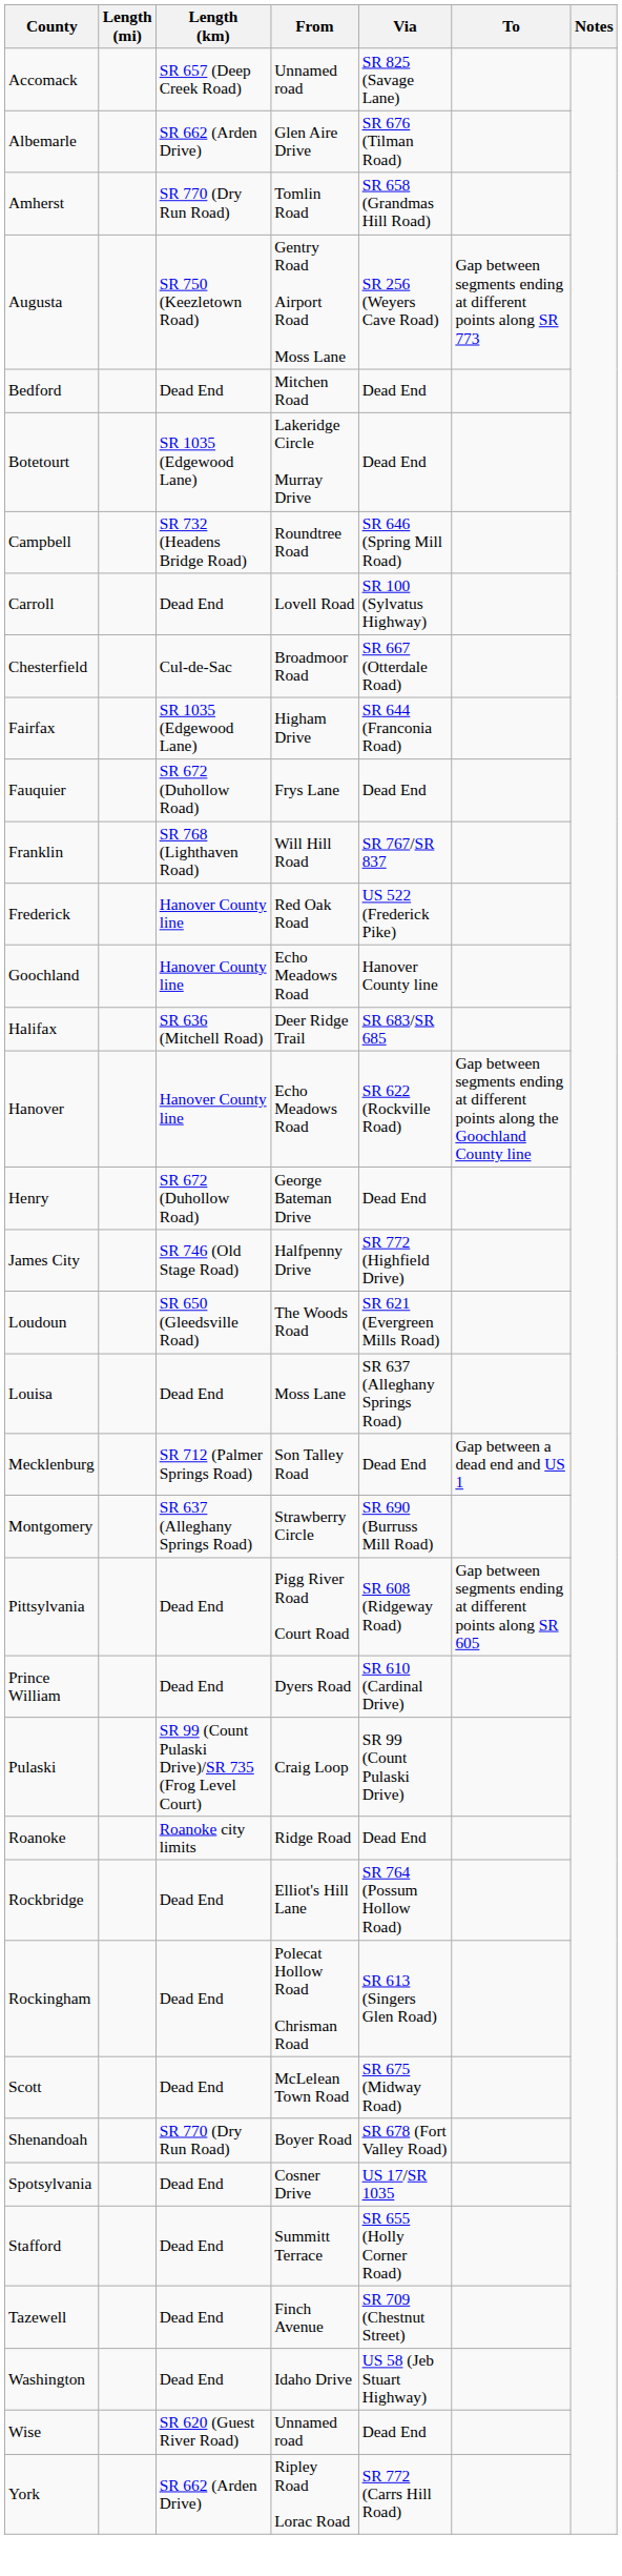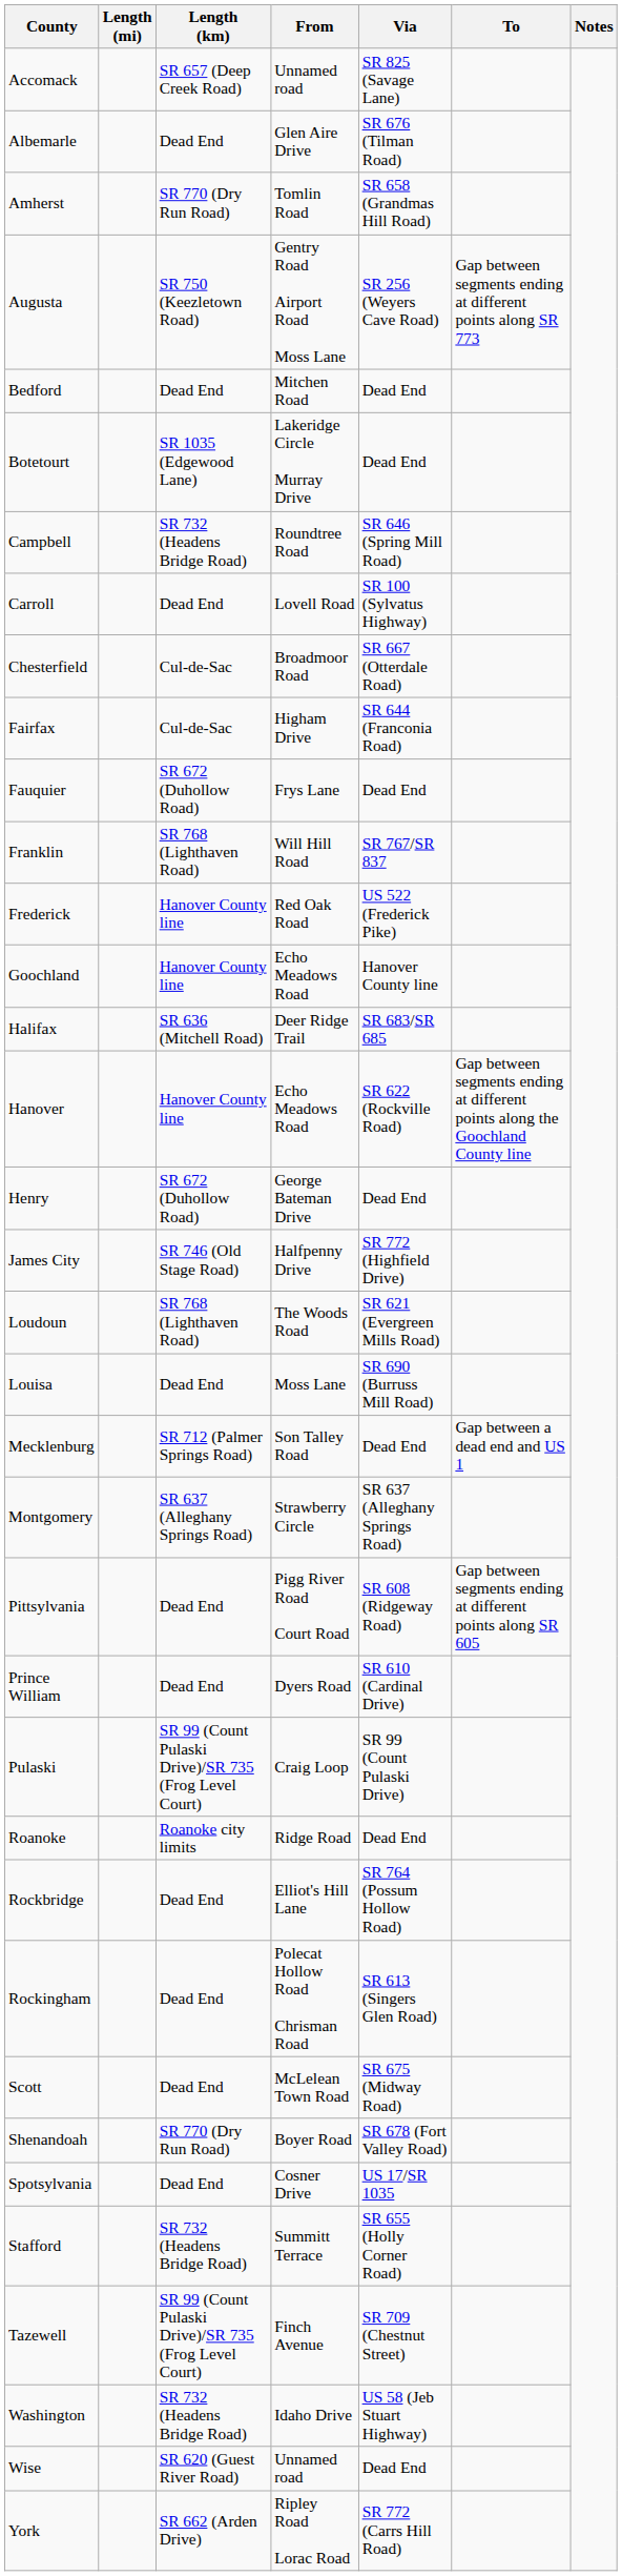 <table class="wikitable sortable">
 <tr>
 <th>County</th>
 <th>Length<br>(mi)</th>
 <th>Length<br>(km)</th>
 <th class="unsortable">From</th>
 <th class="unsortable">Via</th>
 <th class="unsortable">To</th>
 <th class="unsortable">Notes</th>
 </tr>
 <tr>
 <td id="Accomack">Accomack</td>
 <td></td>
 <td><a href='#'>SR 657</a> (Deep Creek Road)</td>
 <td>Unnamed road</td>
 <td><a href='#'>SR 825</a> (Savage Lane)</td>
 <td></td>
 </tr>
 <tr>
 <td id="Albemarle">Albemarle</td>
 <td></td>
-<td><a href='#'>SR 662</a> (Arden Drive)</td>
+<td>Dead End</td>
 <td>Glen Aire Drive</td>
 <td><a href='#'>SR 676</a> (Tilman Road)</td>
 <td><br> </td>
 </tr>
 <tr>
 <td id="Amherst">Amherst</td>
 <td></td>
 <td><a href='#'>SR 770</a> (Dry Run Road)</td>
 <td>Tomlin Road</td>
 <td><a href='#'>SR 658</a> (Grandmas Hill Road)</td>
 <td><br> </td>
 </tr>
 <tr>
 <td id="Augusta">Augusta</td>
 <td></td>
 <td><a href='#'>SR 750</a> (Keezletown Road)</td>
 <td>Gentry Road<br><br>Airport Road<br><br>Moss Lane</td>
 <td><a href='#'>SR 256</a> (Weyers Cave Road)</td>
 <td>Gap between segments ending at different points along <a href='#'>SR 773</a><br></td>
 </tr>
 <tr>
 <td id="Bedford">Bedford</td>
 <td></td>
 <td>Dead End</td>
 <td>Mitchen Road</td>
 <td>Dead End</td>
 <td><br></td>
 </tr>
 <tr>
 <td id="Botetourt">Botetourt</td>
 <td></td>
 <td><a href='#'>SR 1035</a> (Edgewood Lane)</td>
 <td>Lakeridge Circle<br><br>Murray Drive</td>
 <td>Dead End</td>
 <td><br>  </td>
 </tr>
 <tr>
 <td id="Campbell">Campbell</td>
 <td></td>
 <td><a href='#'>SR 732</a> (Headens Bridge Road)</td>
 <td>Roundtree Road</td>
 <td><a href='#'>SR 646</a> (Spring Mill Road)</td>
 <td><br></td>
 </tr>
 <tr>
 <td id="Carroll">Carroll</td>
 <td></td>
 <td>Dead End</td>
 <td>Lovell Road</td>
 <td><a href='#'>SR 100</a> (Sylvatus Highway)</td>
 <td><br> </td>
 </tr>
 <tr>
 <td id="Chesterfield">Chesterfield</td>
 <td></td>
 <td>Cul-de-Sac</td>
 <td>Broadmoor Road</td>
 <td><a href='#'>SR 667</a> (Otterdale Road)</td>
 <td><br>      </td>
 </tr>
 <tr>
 <td id="Fairfax">Fairfax</td>
 <td></td>
-<td><a href='#'>SR 1035</a> (Edgewood Lane)</td>
+<td>Cul-de-Sac</td>
 <td>Higham Drive</td>
 <td><a href='#'>SR 644</a> (Franconia Road)</td>
 <td></td>
 </tr>
 <tr>
 <td id="Fauquier">Fauquier</td>
 <td></td>
 <td><a href='#'>SR 672</a> (Duhollow Road)</td>
 <td>Frys Lane</td>
 <td>Dead End</td>
 <td><br> </td>
 </tr>
 <tr>
 <td id="Franklin">Franklin</td>
 <td></td>
 <td><a href='#'>SR 768</a> (Lighthaven Road)</td>
 <td>Will Hill Road</td>
 <td><a href='#'>SR 767</a>/<a href='#'>SR 837</a></td>
 <td></td>
 </tr>
 <tr>
 <td id="Frederick">Frederick</td>
 <td></td>
 <td><a href='#'>Hanover County line</a></td>
 <td>Red Oak Road</td>
 <td><a href='#'>US 522</a> (Frederick Pike)</td>
 <td><br> </td>
 </tr>
 <tr>
 <td id="Goochland">Goochland</td>
 <td></td>
 <td><a href='#'>Hanover County line</a></td>
 <td>Echo Meadows Road</td>
 <td>Hanover County line</td>
 <td><br>  </td>
 </tr>
 <tr>
 <td id="Halifax">Halifax</td>
 <td></td>
 <td><a href='#'>SR 636</a> (Mitchell Road)</td>
 <td>Deer Ridge Trail</td>
 <td><a href='#'>SR 683</a>/<a href='#'>SR 685</a></td>
 <td></td>
 </tr>
 <tr>
 <td id="Hanover">Hanover</td>
 <td></td>
 <td><a href='#'>Hanover County line</a></td>
 <td>Echo Meadows Road</td>
 <td><a href='#'>SR 622</a> (Rockville Road)</td>
 <td>Gap between segments ending at different points along the <a href='#'>Goochland County line</a><br></td>
 </tr>
 <tr>
 <td id="Henry">Henry</td>
 <td></td>
 <td><a href='#'>SR 672</a> (Duhollow Road)</td>
 <td>George Bateman Drive</td>
 <td>Dead End</td>
 <td><br> </td>
 </tr>
 <tr>
 <td id="James City">James City</td>
 <td></td>
 <td><a href='#'>SR 746</a> (Old Stage Road)</td>
 <td>Halfpenny Drive</td>
 <td><a href='#'>SR 772</a> (Highfield Drive)</td>
 <td><br>    </td>
 </tr>
 <tr>
 <td id="Loudoun">Loudoun</td>
 <td></td>
-<td><a href='#'>SR 650</a> (Gleedsville Road)</td>
+<td><a href='#'>SR 768</a> (Lighthaven Road)</td>
 <td>The Woods Road</td>
 <td><a href='#'>SR 621</a> (Evergreen Mills Road)</td>
 <td></td>
 </tr>
 <tr>
 <td id="Louisa">Louisa</td>
 <td></td>
 <td>Dead End</td>
 <td>Moss Lane</td>
-<td>SR 637 (Alleghany Springs Road)</td>
+<td><a href='#'>SR 690</a> (Burruss Mill Road)</td>
 <td><br>  </td>
 </tr>
 <tr>
 <td id="Mecklenburg">Mecklenburg</td>
 <td></td>
 <td><a href='#'>SR 712</a> (Palmer Springs Road)</td>
 <td>Son Talley Road</td>
 <td>Dead End</td>
 <td>Gap between a dead end and <a href='#'>US 1</a><br></td>
 </tr>
 <tr>
 <td id="Montgomery">Montgomery</td>
 <td></td>
 <td><a href='#'>SR 637</a> (Alleghany Springs Road)</td>
 <td>Strawberry Circle</td>
-<td><a href='#'>SR 690</a> (Burruss Mill Road)</td>
+<td>SR 637 (Alleghany Springs Road)</td>
 <td><br>       </td>
 </tr>
 <tr>
 <td id="Pittsylvania">Pittsylvania</td>
 <td></td>
 <td>Dead End</td>
 <td>Pigg River Road<br><br>Court Road</td>
 <td><a href='#'>SR 608</a> (Ridgeway Road)</td>
 <td>Gap between segments ending at different points along <a href='#'>SR 605</a><br>  </td>
 </tr>
 <tr>
 <td id="Prince William">Prince William</td>
 <td></td>
 <td>Dead End</td>
 <td>Dyers Road</td>
 <td><a href='#'>SR 610</a> (Cardinal Drive)</td>
 <td></td>
 </tr>
 <tr>
 <td id="Pulaski">Pulaski</td>
 <td></td>
 <td><a href='#'>SR 99</a> (Count Pulaski Drive)/<a href='#'>SR 735</a> (Frog Level Court)</td>
 <td>Craig Loop</td>
 <td>SR 99 (Count Pulaski Drive)</td>
 <td><br> </td>
 </tr>
 <tr>
 <td id="Roanoke">Roanoke</td>
 <td></td>
 <td><a href='#'>Roanoke</a> city limits</td>
 <td>Ridge Road</td>
 <td>Dead End</td>
 <td></td>
 </tr>
 <tr>
 <td id="Rockbridge">Rockbridge</td>
 <td></td>
 <td>Dead End</td>
 <td>Elliot's Hill Lane</td>
 <td><a href='#'>SR 764</a> (Possum Hollow Road)</td>
 <td></td>
 </tr>
 <tr>
 <td id="Rockingham">Rockingham</td>
 <td></td>
 <td>Dead End</td>
 <td>Polecat Hollow Road<br><br>Chrisman Road</td>
 <td><a href='#'>SR 613</a> (Singers Glen Road)</td>
 <td><br></td>
 </tr>
 <tr>
 <td id="Scott">Scott</td>
 <td></td>
 <td>Dead End</td>
 <td>McLelean Town Road</td>
 <td><a href='#'>SR 675</a> (Midway Road)</td>
 <td></td>
 </tr>
 <tr>
 <td id="Shenandoah">Shenandoah</td>
 <td></td>
 <td><a href='#'>SR 770</a> (Dry Run Road)</td>
 <td>Boyer Road</td>
 <td><a href='#'>SR 678</a> (Fort Valley Road)</td>
 <td><br> </td>
 </tr>
 <tr>
 <td id="Spotsylvania">Spotsylvania</td>
 <td></td>
 <td>Dead End</td>
 <td>Cosner Drive</td>
 <td><a href='#'>US 17</a>/<a href='#'>SR 1035</a></td>
 <td></td>
 </tr>
 <tr>
 <td id="Stafford">Stafford</td>
 <td></td>
-<td>Dead End</td>
+<td><a href='#'>SR 732</a> (Headens Bridge Road)</td>
 <td>Summitt Terrace</td>
 <td><a href='#'>SR 655</a> (Holly Corner Road)</td>
 <td><br> </td>
 </tr>
 <tr>
 <td id="Tazewell">Tazewell</td>
 <td></td>
-<td>Dead End</td>
+<td><a href='#'>SR 99</a> (Count Pulaski Drive)/<a href='#'>SR 735</a> (Frog Level Court)</td>
 <td>Finch Avenue</td>
 <td><a href='#'>SR 709</a> (Chestnut Street)</td>
 <td><br></td>
 </tr>
 <tr>
 <td id="Washington">Washington</td>
 <td></td>
-<td>Dead End</td>
+<td><a href='#'>SR 732</a> (Headens Bridge Road)</td>
 <td>Idaho Drive</td>
 <td><a href='#'>US 58</a> (Jeb Stuart Highway)</td>
 <td><br></td>
 </tr>
 <tr>
 <td id="Wise">Wise</td>
 <td></td>
 <td><a href='#'>SR 620</a> (Guest River Road)</td>
 <td>Unnamed road</td>
 <td>Dead End</td>
 <td><br></td>
 </tr>
 <tr>
 <td id="York">York</td>
 <td></td>
 <td><a href='#'>SR 662</a> (Arden Drive)</td>
 <td>Ripley Road<br><br>Lorac Road</td>
 <td><a href='#'>SR 772</a> (Carrs Hill Road)</td>
 <td></td>
 </tr>
 </table>
